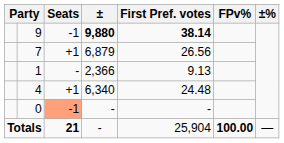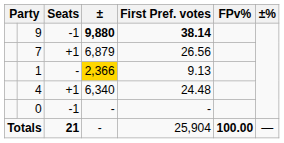 <table class=wikitable>
 <tr>
 <th colspan=2 align=center>Party</th>
 <th valign=top>Seats</th>
 <th valign=top>±</th>
 <th valign=top>First Pref. votes</th>
 <th valign=top>FPv%</th>
 <th valign=top>±%</th>
 </tr>
 <tr>
 <td></td>
 <td align=right>9</td>
 <td align=right>-1</td>
 <td align=right><strong>9,880</strong></td>
 <td align=right><strong>38.14</strong></td>
 <td align=right></td>
 </tr>
 <tr>
 <td></td>
 <td align=right>7</td>
 <td align=right>+1</td>
 <td align=right>6,879</td>
 <td align=right>26.56</td>
 <td align=right></td>
 </tr>
 <tr>
 <td></td>
 <td align=right>1</td>
 <td align=right>-</td>
-<td align=right>2,366</td>
+<td align=right style="background: gold;">2,366</td>
 <td align=right>9.13</td>
 <td align=right></td>
 </tr>
 <tr>
 <td></td>
 <td align=right>4</td>
 <td align=right>+1</td>
 <td align=right>6,340</td>
 <td align=right>24.48</td>
 <td align=right></td>
 </tr>
 <tr>
 <td></td>
 <td align=right>0</td>
-<td align=right style="background: lightsalmon;">-1</td>
+<td align=right>-1</td>
 <td align=right>-</td>
 <td align=right>-</td>
 <td align=right></td>
 </tr>
 <tr>
 <td colspan=2 align=center><strong>Totals</strong></td>
 <td align=right><strong>21</strong></td>
 <td align=center>-</td>
 <td align=right>25,904</td>
 <td align=center><strong>100.00</strong></td>
 <td align=center>—</td>
 </tr>
 </table>
